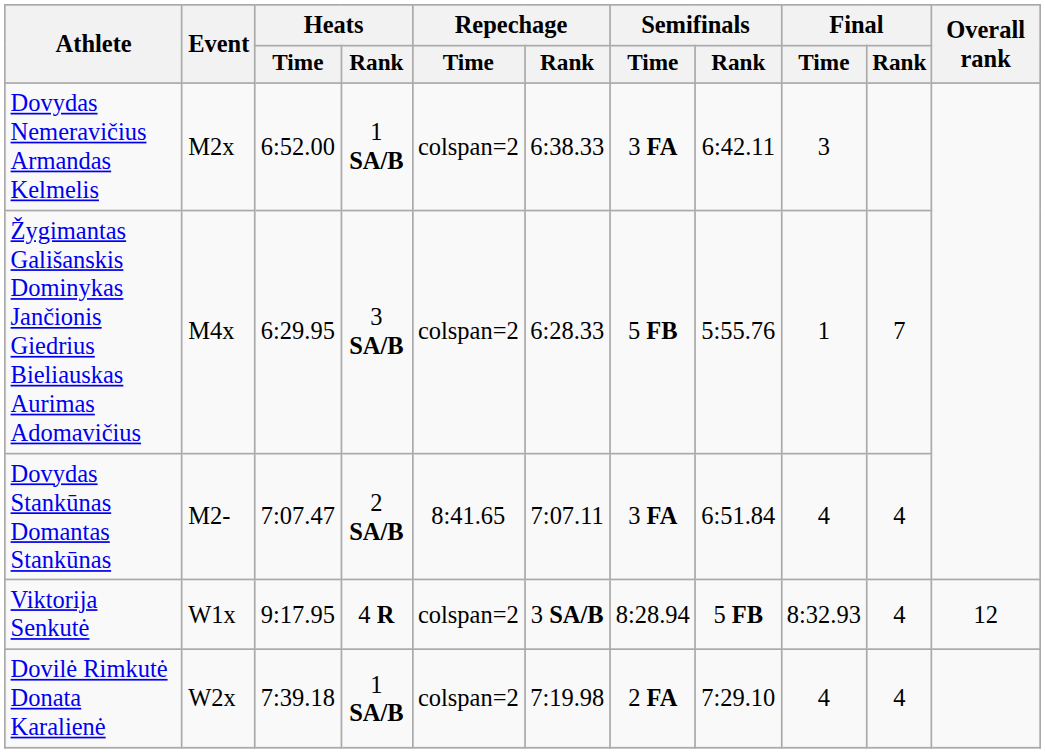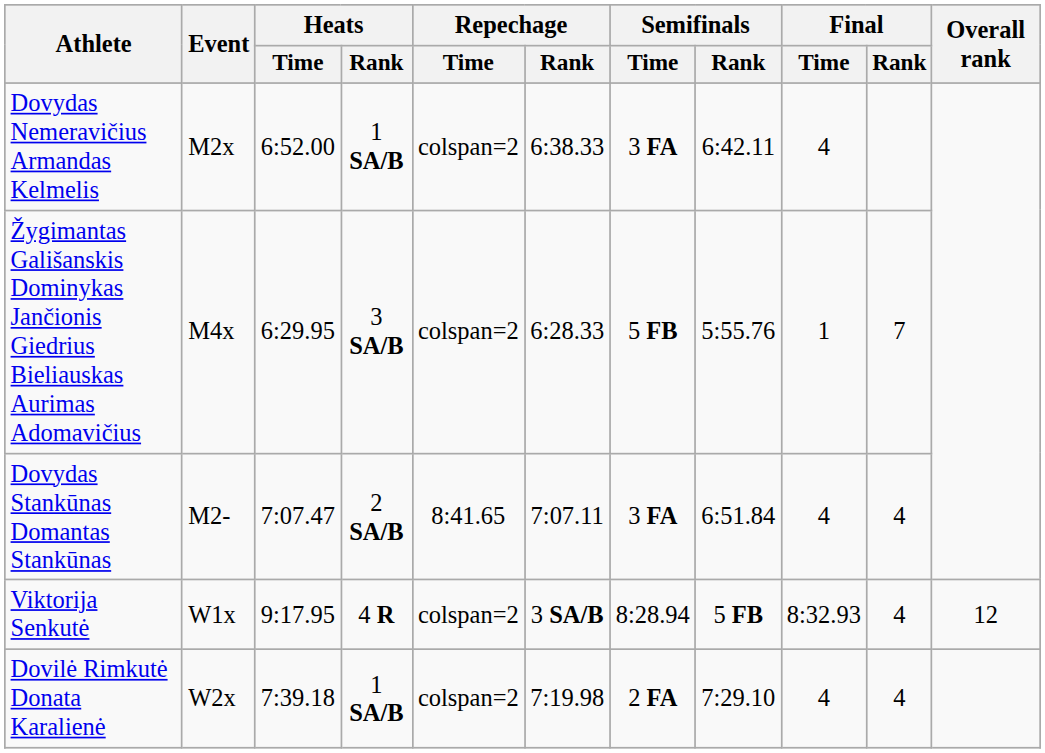 <table class="wikitable" style="font-size:90%">
 <tr>
 <th rowspan="2">Athlete</th>
 <th rowspan="2">Event</th>
 <th colspan="2">Heats</th>
 <th colspan="2">Repechage</th>
 <th colspan="2">Semifinals</th>
 <th colspan="2">Final</th>
 <th rowspan="2">Overall rank</th>
 </tr>
 <tr style="font-size:95%">
 <th>Time</th>
 <th>Rank</th>
 <th>Time</th>
 <th>Rank</th>
 <th>Time</th>
 <th>Rank</th>
 <th>Time</th>
 <th>Rank</th>
 </tr>
 <tr align=center>
 <td align=left><a href='#'>Dovydas Nemeravičius</a><br><a href='#'>Armandas Kelmelis</a></td>
 <td align=left>M2x</td>
 <td>6:52.00</td>
 <td>1 <strong>SA/B</strong></td>
 <td>colspan=2 </td>
 <td>6:38.33</td>
 <td>3 <strong>FA</strong></td>
 <td>6:42.11</td>
-<td>3</td>
+<td>4</td>
 <td></td>
 </tr>
 <tr align=center>
 <td align=left><a href='#'>Žygimantas Gališanskis</a><br><a href='#'>Dominykas Jančionis</a><br><a href='#'>Giedrius Bieliauskas</a><br><a href='#'>Aurimas Adomavičius</a></td>
 <td align=left>M4x</td>
 <td>6:29.95</td>
 <td>3 <strong>SA/B</strong></td>
 <td>colspan=2 </td>
 <td>6:28.33</td>
 <td>5 <strong>FB</strong></td>
 <td>5:55.76</td>
 <td>1</td>
 <td>7</td>
 </tr>
 <tr align=center>
 <td align=left><a href='#'>Dovydas Stankūnas</a><br><a href='#'>Domantas Stankūnas</a></td>
 <td align=left>M2-</td>
 <td>7:07.47</td>
 <td>2 <strong>SA/B</strong></td>
 <td>8:41.65</td>
 <td>7:07.11</td>
 <td>3 <strong>FA</strong></td>
 <td>6:51.84</td>
 <td>4</td>
 <td>4</td>
 </tr>
 <tr align=center>
 <td align=left><a href='#'>Viktorija Senkutė</a></td>
 <td align=left>W1x</td>
 <td>9:17.95</td>
 <td>4 <strong>R</strong></td>
 <td>colspan=2 </td>
 <td>3 <strong>SA/B</strong></td>
 <td>8:28.94</td>
 <td>5 <strong>FB</strong></td>
 <td>8:32.93</td>
 <td>4</td>
 <td>12</td>
 </tr>
 <tr align=center>
 <td align=left><a href='#'>Dovilė Rimkutė</a><br><a href='#'>Donata Karalienė</a></td>
 <td align=left>W2x</td>
 <td>7:39.18</td>
 <td>1 <strong>SA/B</strong></td>
 <td>colspan=2 </td>
 <td>7:19.98</td>
 <td>2 <strong>FA</strong></td>
 <td>7:29.10</td>
 <td>4</td>
 <td>4</td>
 </tr>
 </table>
